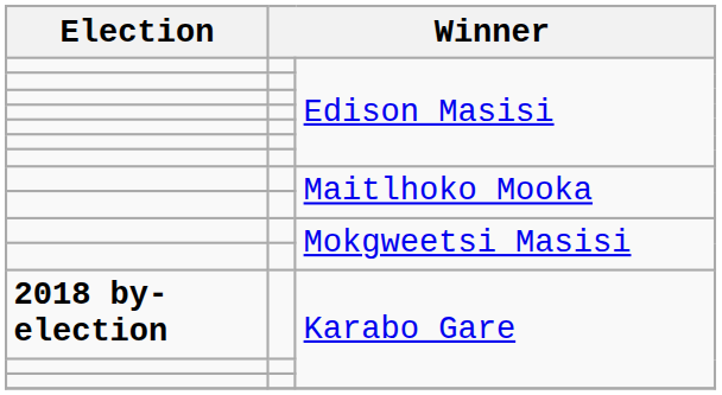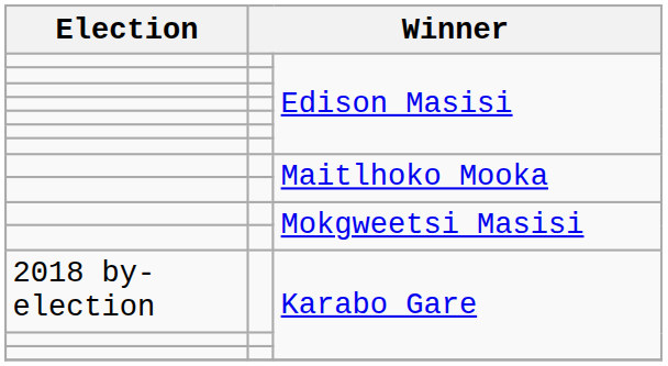 <table class=wikitable>
 <tr>
 <th width=100>Election</th>
 <th width=175 colspan=2>Winner</th>
 </tr>
 <tr>
 <td></td>
 <td width=5 bgcolor=></td>
 <td rowspan=7><a href='#'>Edison Masisi</a></td>
 </tr>
 <tr>
 <td></td>
 <td width=5 bgcolor=></td>
 </tr>
 <tr>
 <td></td>
 <td width=5 bgcolor=></td>
 </tr>
 <tr>
 <td></td>
 <td width=5 bgcolor=></td>
 </tr>
 <tr>
 <td></td>
 <td width=5 bgcolor=></td>
 </tr>
 <tr>
 <td></td>
 <td width=5 bgcolor=></td>
 </tr>
 <tr>
 <td></td>
 <td width=5 bgcolor=></td>
 </tr>
 <tr>
 <td></td>
 <td width=5 bgcolor=></td>
 <td rowspan=2><a href='#'>Maitlhoko Mooka</a></td>
 </tr>
 <tr>
 <td></td>
 <td bgcolor=></td>
 </tr>
 <tr>
 <td></td>
 <td bgcolor=></td>
 <td rowspan=2><a href='#'>Mokgweetsi Masisi</a></td>
 </tr>
 <tr>
 <td></td>
 <td bgcolor=></td>
 </tr>
 <tr>
-<td><strong>2018 by-election</strong></td>
+<td>2018 by-election</td>
 <td bgcolor=></td>
 <td rowspan=3><a href='#'>Karabo Gare</a></td>
 </tr>
 <tr>
 <td></td>
 <td bgcolor=></td>
 </tr>
 <tr>
 <td></td>
 <td bgcolor=></td>
 </tr>
 <tr>
 </tr>
 </table>
